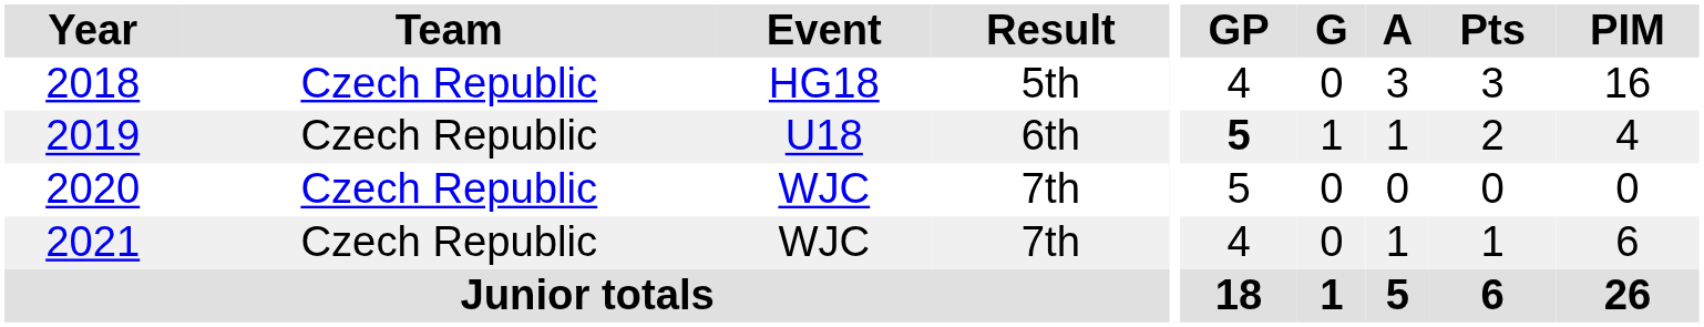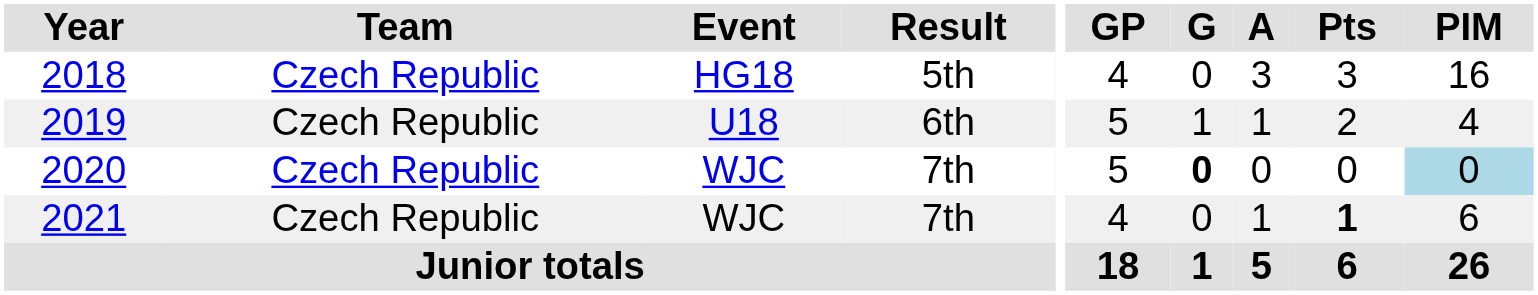 <table border="0" cellpadding="1" cellspacing="0" ID="Table3" style="text-align:center; width:40em">
 <tr ALIGN="center" bgcolor="#e0e0e0">
 <th>Year</th>
 <th>Team</th>
 <th>Event</th>
 <th>Result</th>
 <th rowspan="102" bgcolor="#ffffff"></th>
 <th>GP</th>
 <th>G</th>
 <th>A</th>
 <th>Pts</th>
 <th>PIM</th>
 </tr>
 <tr>
 <td><a href='#'>2018</a></td>
 <td><a href='#'>Czech Republic</a></td>
 <td><a href='#'>HG18</a></td>
 <td>5th</td>
 <td>4</td>
 <td>0</td>
 <td>3</td>
 <td>3</td>
 <td>16</td>
 </tr>
 <tr bgcolor="#f0f0f0">
 <td><a href='#'>2019</a></td>
 <td>Czech Republic</td>
 <td><a href='#'>U18</a></td>
 <td>6th</td>
-<td><strong>5</strong></td>
+<td>5</td>
 <td>1</td>
 <td>1</td>
 <td>2</td>
 <td>4</td>
 </tr>
 <tr>
 <td><a href='#'>2020</a></td>
 <td><a href='#'>Czech Republic</a></td>
 <td><a href='#'>WJC</a></td>
 <td>7th</td>
 <td>5</td>
+<td><strong>0</strong></td>
 <td>0</td>
 <td>0</td>
-<td>0</td>
-<td>0</td>
+<td style="background: lightblue;">0</td>
 </tr>
 <tr bgcolor="#f0f0f0">
 <td><a href='#'>2021</a></td>
 <td>Czech Republic</td>
 <td>WJC</td>
 <td>7th</td>
 <td>4</td>
 <td>0</td>
 <td>1</td>
-<td>1</td>
+<td><strong>1</strong></td>
 <td>6</td>
 </tr>
 <tr bgcolor="#e0e0e0">
 <th colspan="4">Junior totals</th>
 <th>18</th>
 <th>1</th>
 <th>5</th>
 <th>6</th>
 <th>26</th>
 </tr>
 </table>
